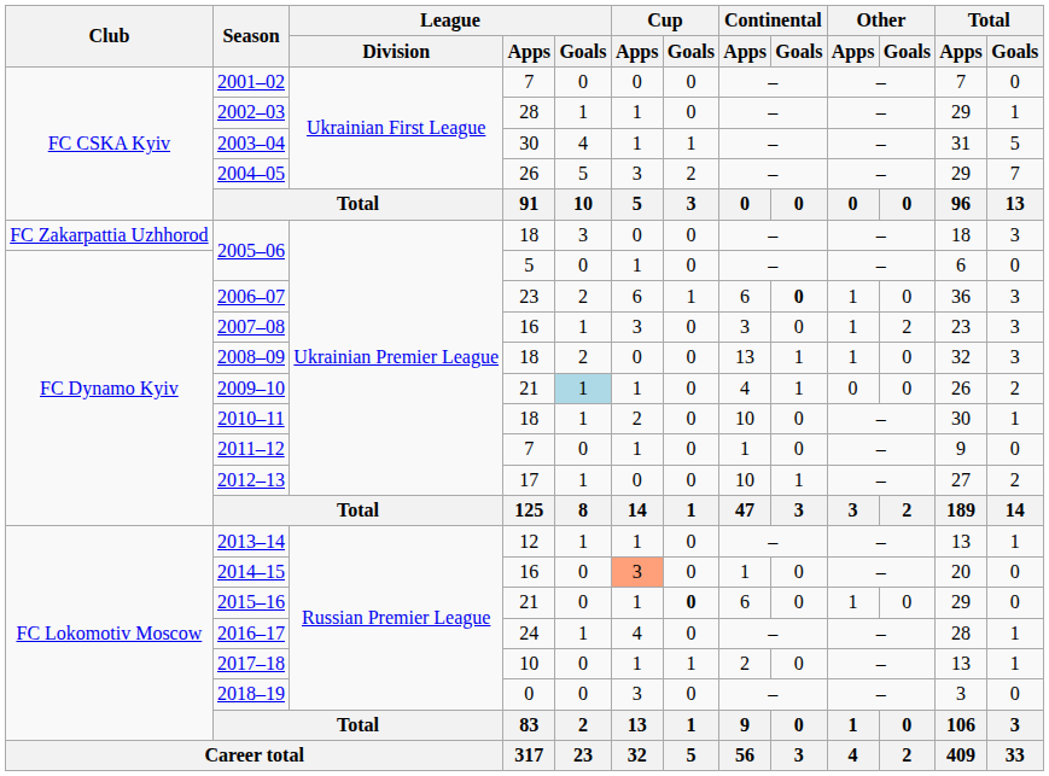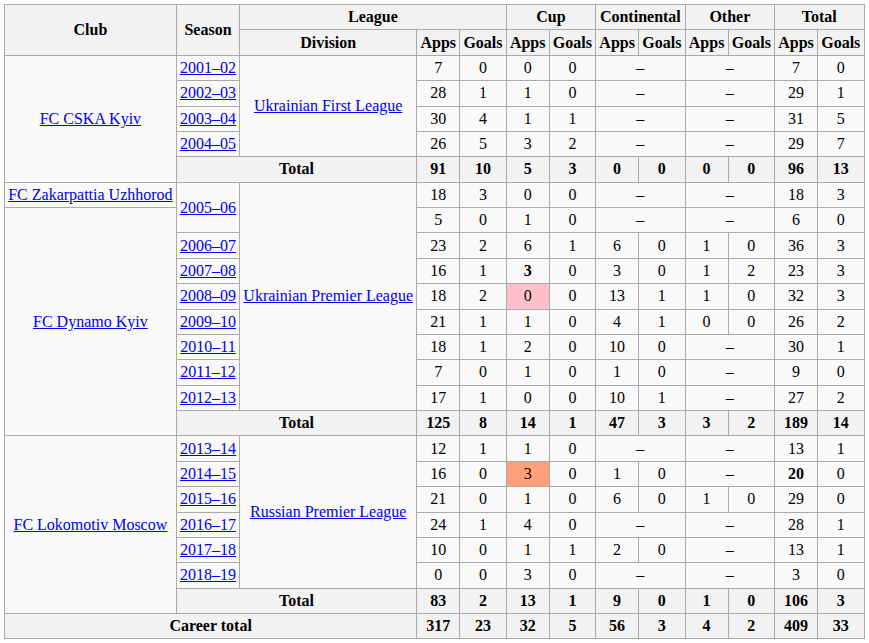 <table class="wikitable" style="text-align: center;">
 <tr>
 <th rowspan=2>Club</th>
 <th rowspan=2>Season</th>
 <th colspan=3>League</th>
 <th colspan=2>Cup</th>
 <th colspan=2>Continental</th>
 <th colspan=2>Other</th>
 <th colspan=2>Total</th>
 </tr>
 <tr>
 <th>Division</th>
 <th>Apps</th>
 <th>Goals</th>
 <th>Apps</th>
 <th>Goals</th>
 <th>Apps</th>
 <th>Goals</th>
 <th>Apps</th>
 <th>Goals</th>
 <th>Apps</th>
 <th>Goals</th>
 </tr>
 <tr>
 <td rowspan=5><a href='#'>FC CSKA Kyiv</a></td>
 <td><a href='#'>2001–02</a></td>
 <td rowspan=4><a href='#'>Ukrainian First League</a></td>
 <td>7</td>
 <td>0</td>
 <td>0</td>
 <td>0</td>
 <td colspan=2>–</td>
 <td colspan=2>–</td>
 <td>7</td>
 <td>0</td>
 </tr>
 <tr>
 <td><a href='#'>2002–03</a></td>
 <td>28</td>
 <td>1</td>
 <td>1</td>
 <td>0</td>
 <td colspan=2>–</td>
 <td colspan=2>–</td>
 <td>29</td>
 <td>1</td>
 </tr>
 <tr>
 <td><a href='#'>2003–04</a></td>
 <td>30</td>
 <td>4</td>
 <td>1</td>
 <td>1</td>
 <td colspan=2>–</td>
 <td colspan=2>–</td>
 <td>31</td>
 <td>5</td>
 </tr>
 <tr>
 <td><a href='#'>2004–05</a></td>
 <td>26</td>
 <td>5</td>
 <td>3</td>
 <td>2</td>
 <td colspan=2>–</td>
 <td colspan=2>–</td>
 <td>29</td>
 <td>7</td>
 </tr>
 <tr>
 <th colspan=2>Total</th>
 <th>91</th>
 <th>10</th>
 <th>5</th>
 <th>3</th>
 <th>0</th>
 <th>0</th>
 <th>0</th>
 <th>0</th>
 <th>96</th>
 <th>13</th>
 </tr>
 <tr>
 <td><a href='#'>FC Zakarpattia Uzhhorod</a></td>
 <td rowspan=2><a href='#'>2005–06</a></td>
 <td rowspan=9><a href='#'>Ukrainian Premier League</a></td>
 <td>18</td>
 <td>3</td>
 <td>0</td>
 <td>0</td>
 <td colspan=2>–</td>
 <td colspan=2>–</td>
 <td>18</td>
 <td>3</td>
 </tr>
 <tr>
 <td rowspan=9><a href='#'>FC Dynamo Kyiv</a></td>
 <td>5</td>
 <td>0</td>
 <td>1</td>
 <td>0</td>
 <td colspan=2>–</td>
 <td colspan=2>–</td>
 <td>6</td>
 <td>0</td>
 </tr>
 <tr>
 <td><a href='#'>2006–07</a></td>
 <td>23</td>
 <td>2</td>
 <td>6</td>
 <td>1</td>
 <td>6</td>
-<td><strong>0</strong></td>
+<td>0</td>
 <td>1</td>
 <td>0</td>
 <td>36</td>
 <td>3</td>
 </tr>
 <tr>
 <td><a href='#'>2007–08</a></td>
 <td>16</td>
 <td>1</td>
-<td>3</td>
+<td><strong>3</strong></td>
 <td>0</td>
 <td>3</td>
 <td>0</td>
 <td>1</td>
 <td>2</td>
 <td>23</td>
 <td>3</td>
 </tr>
 <tr>
 <td><a href='#'>2008–09</a></td>
 <td>18</td>
 <td>2</td>
-<td>0</td>
+<td style="background: pink;">0</td>
 <td>0</td>
 <td>13</td>
 <td>1</td>
 <td>1</td>
 <td>0</td>
 <td>32</td>
 <td>3</td>
 </tr>
 <tr>
 <td><a href='#'>2009–10</a></td>
 <td>21</td>
-<td style="background: lightblue;">1</td>
+<td>1</td>
 <td>1</td>
 <td>0</td>
 <td>4</td>
 <td>1</td>
 <td>0</td>
 <td>0</td>
 <td>26</td>
 <td>2</td>
 </tr>
 <tr>
 <td><a href='#'>2010–11</a></td>
 <td>18</td>
 <td>1</td>
 <td>2</td>
 <td>0</td>
 <td>10</td>
 <td>0</td>
 <td colspan=2>–</td>
 <td>30</td>
 <td>1</td>
 </tr>
 <tr>
 <td><a href='#'>2011–12</a></td>
 <td>7</td>
 <td>0</td>
 <td>1</td>
 <td>0</td>
 <td>1</td>
 <td>0</td>
 <td colspan=2>–</td>
 <td>9</td>
 <td>0</td>
 </tr>
 <tr>
 <td><a href='#'>2012–13</a></td>
 <td>17</td>
 <td>1</td>
 <td>0</td>
 <td>0</td>
 <td>10</td>
 <td>1</td>
 <td colspan=2>–</td>
 <td>27</td>
 <td>2</td>
 </tr>
 <tr>
 <th colspan=2>Total</th>
 <th>125</th>
 <th>8</th>
 <th>14</th>
 <th>1</th>
 <th>47</th>
 <th>3</th>
 <th>3</th>
 <th>2</th>
 <th>189</th>
 <th>14</th>
 </tr>
 <tr>
 <td rowspan=7><a href='#'>FC Lokomotiv Moscow</a></td>
 <td><a href='#'>2013–14</a></td>
 <td rowspan=6><a href='#'>Russian Premier League</a></td>
 <td>12</td>
 <td>1</td>
 <td>1</td>
 <td>0</td>
 <td colspan=2>–</td>
 <td colspan=2>–</td>
 <td>13</td>
 <td>1</td>
 </tr>
 <tr>
 <td><a href='#'>2014–15</a></td>
 <td>16</td>
 <td>0</td>
 <td style="background: lightsalmon;">3</td>
 <td>0</td>
 <td>1</td>
 <td>0</td>
 <td colspan=2>–</td>
-<td>20</td>
+<td><strong>20</strong></td>
 <td>0</td>
 </tr>
 <tr>
 <td><a href='#'>2015–16</a></td>
 <td>21</td>
 <td>0</td>
 <td>1</td>
-<td><strong>0</strong></td>
+<td>0</td>
 <td>6</td>
 <td>0</td>
 <td>1</td>
 <td>0</td>
 <td>29</td>
 <td>0</td>
 </tr>
 <tr>
 <td><a href='#'>2016–17</a></td>
 <td>24</td>
 <td>1</td>
 <td>4</td>
 <td>0</td>
 <td colspan=2>–</td>
 <td colspan=2>–</td>
 <td>28</td>
 <td>1</td>
 </tr>
 <tr>
 <td><a href='#'>2017–18</a></td>
 <td>10</td>
 <td>0</td>
 <td>1</td>
 <td>1</td>
 <td>2</td>
 <td>0</td>
 <td colspan=2>–</td>
 <td>13</td>
 <td>1</td>
 </tr>
 <tr>
 <td><a href='#'>2018–19</a></td>
 <td>0</td>
 <td>0</td>
 <td>3</td>
 <td>0</td>
 <td colspan=2>–</td>
 <td colspan=2>–</td>
 <td>3</td>
 <td>0</td>
 </tr>
 <tr>
 <th colspan=2>Total</th>
 <th>83</th>
 <th>2</th>
 <th>13</th>
 <th>1</th>
 <th>9</th>
 <th>0</th>
 <th>1</th>
 <th>0</th>
 <th>106</th>
 <th>3</th>
 </tr>
 <tr>
 <th colspan=3>Career total</th>
 <th>317</th>
 <th>23</th>
 <th>32</th>
 <th>5</th>
 <th>56</th>
 <th>3</th>
 <th>4</th>
 <th>2</th>
 <th>409</th>
 <th>33</th>
 </tr>
 <tr>
 </tr>
 </table>
